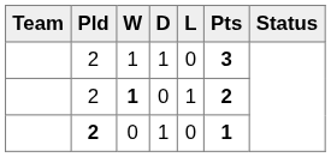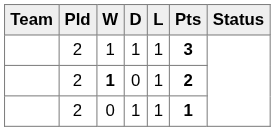 <table style=border-collapse:collapse border=1 cellspacing=0 cellpadding=5>
 <tr align=center bgcolor=#efefef>
 <th>Team</th>
 <th>Pld</th>
 <th>W</th>
 <th>D</th>
 <th>L</th>
 <th>Pts</th>
 <th>Status</th>
 </tr>
 <tr align=center style="background:#FFFFFF;">
 <td style="text-align:left;"> </td>
 <td>2</td>
 <td>1</td>
 <td>1</td>
-<td>0</td>
+<td>1</td>
 <td><strong>3</strong></td>
 <td rowspan=3></td>
 </tr>
 <tr align=center style="background:#FFFFFF;">
 <td style="text-align:left;"> </td>
 <td>2</td>
 <td><strong>1</strong></td>
 <td>0</td>
 <td>1</td>
 <td><strong>2</strong></td>
 </tr>
 <tr align=center style="background:#FFFFFF;">
 <td style="text-align:left;"> </td>
-<td><strong>2</strong></td>
+<td>2</td>
 <td>0</td>
 <td>1</td>
-<td>0</td>
+<td>1</td>
 <td><strong>1</strong></td>
 </tr>
 </table>
